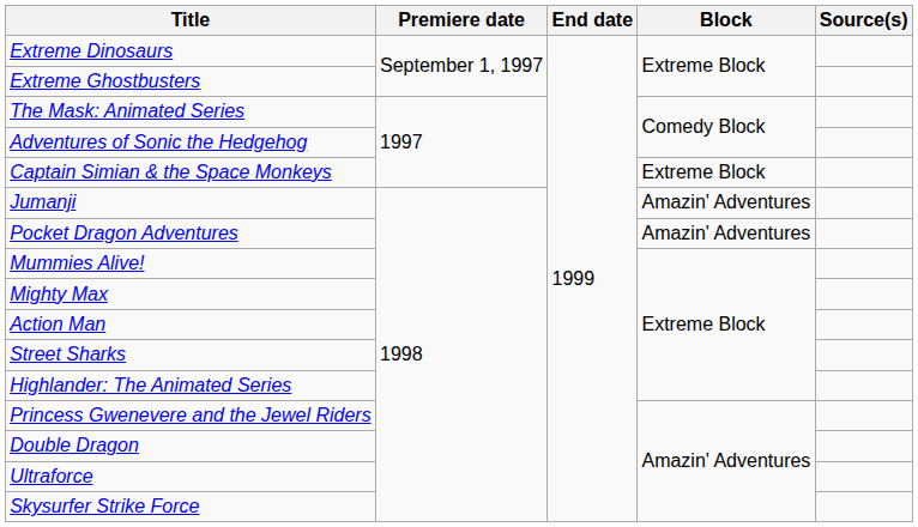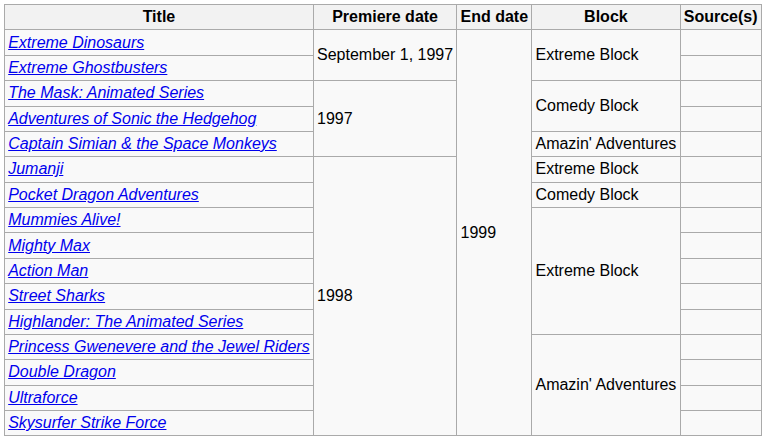 <table class="wikitable sortable">
 <tr>
 <th>Title</th>
 <th>Premiere date</th>
 <th>End date</th>
 <th>Block</th>
 <th>Source(s)</th>
 </tr>
 <tr>
 <td><em><a href='#'>Extreme Dinosaurs</a></em></td>
 <td rowspan=2>September 1, 1997</td>
 <td rowspan=16>1999</td>
 <td rowspan=2>Extreme Block</td>
 <td></td>
 </tr>
 <tr>
 <td><em><a href='#'>Extreme Ghostbusters</a></em></td>
 <td></td>
 </tr>
 <tr>
 <td><em><a href='#'>The Mask: Animated Series</a></em></td>
 <td rowspan=3>1997</td>
 <td rowspan=2>Comedy Block</td>
 <td></td>
 </tr>
 <tr>
 <td><em><a href='#'>Adventures of Sonic the Hedgehog</a></em></td>
 <td></td>
 </tr>
 <tr>
 <td><em><a href='#'>Captain Simian & the Space Monkeys</a></em></td>
-<td>Extreme Block</td>
+<td>Amazin' Adventures</td>
 </tr>
 <tr>
 <td><em><a href='#'>Jumanji</a></em></td>
 <td rowspan=11>1998</td>
-<td>Amazin' Adventures</td>
+<td>Extreme Block</td>
 <td></td>
 </tr>
 <tr>
 <td><em><a href='#'>Pocket Dragon Adventures</a></em></td>
-<td>Amazin' Adventures</td>
+<td>Comedy Block</td>
 <td></td>
 </tr>
 <tr>
 <td><em><a href='#'>Mummies Alive!</a></em></td>
 <td rowspan=5>Extreme Block</td>
 <td></td>
 </tr>
 <tr>
 <td><em><a href='#'>Mighty Max</a></em></td>
 <td></td>
 </tr>
 <tr>
 <td><em><a href='#'>Action Man</a></em></td>
 <td></td>
 </tr>
 <tr>
 <td><em><a href='#'>Street Sharks</a></em></td>
 <td></td>
 </tr>
 <tr>
 <td><em><a href='#'>Highlander: The Animated Series</a></em></td>
 <td></td>
 </tr>
 <tr>
 <td><em><a href='#'>Princess Gwenevere and the Jewel Riders</a></em></td>
 <td rowspan=4>Amazin' Adventures</td>
 <td></td>
 </tr>
 <tr>
 <td><em><a href='#'>Double Dragon</a></em></td>
 <td></td>
 </tr>
 <tr>
 <td><em><a href='#'>Ultraforce</a></em></td>
 <td></td>
 </tr>
 <tr>
 <td><em><a href='#'>Skysurfer Strike Force</a></em></td>
 <td></td>
 </tr>
 </table>
